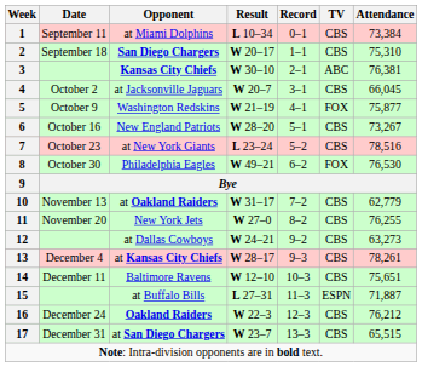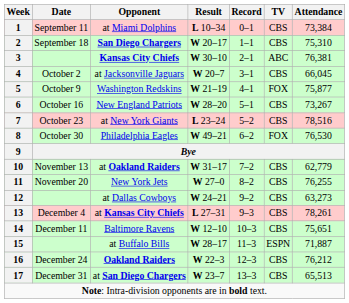 <table class="wikitable" style="text-align:center;">
 <tr>
 <th>Week</th>
 <th>Date</th>
 <th>Opponent</th>
 <th>Result</th>
 <th>Record</th>
 <th>TV</th>
 <th>Attendance</th>
 </tr>
 <tr style="background:#fcc">
 <th>1</th>
 <td>September 11</td>
 <td>at <a href='#'>Miami Dolphins</a></td>
 <td><strong>L</strong> 10–34</td>
 <td>0–1</td>
 <td>CBS</td>
 <td>73,384</td>
 </tr>
 <tr style="background:#cfc">
 <th>2</th>
 <td>September 18</td>
 <td><strong><a href='#'>San Diego Chargers</a></strong></td>
 <td><strong>W</strong> 20–17</td>
 <td>1–1</td>
 <td>CBS</td>
 <td>75,310</td>
 </tr>
 <tr style="background:#cfc">
 <th>3</th>
 <td></td>
 <td><strong><a href='#'>Kansas City Chiefs</a></strong></td>
 <td><strong>W</strong> 30–10</td>
 <td>2–1</td>
 <td>ABC</td>
 <td>76,381</td>
 </tr>
 <tr style="background:#cfc">
 <th>4</th>
 <td>October 2</td>
 <td>at <a href='#'>Jacksonville Jaguars</a></td>
 <td><strong>W</strong> 20–7</td>
 <td>3–1</td>
 <td>CBS</td>
 <td>66,045</td>
 </tr>
 <tr style="background:#cfc">
 <th>5</th>
 <td>October 9</td>
 <td><a href='#'>Washington Redskins</a></td>
 <td><strong>W</strong> 21–19</td>
 <td>4–1</td>
 <td>FOX</td>
 <td>75,877</td>
 </tr>
 <tr style="background:#cfc">
 <th>6</th>
 <td>October 16</td>
 <td><a href='#'>New England Patriots</a></td>
 <td><strong>W</strong> 28–20</td>
 <td>5–1</td>
 <td>CBS</td>
 <td>73,267</td>
 </tr>
 <tr style="background:#fcc">
 <th>7</th>
 <td>October 23</td>
 <td>at <a href='#'>New York Giants</a></td>
 <td><strong>L</strong> 23–24</td>
 <td>5–2</td>
 <td>CBS</td>
 <td>78,516</td>
 </tr>
 <tr style="background:#cfc">
 <th>8</th>
 <td>October 30</td>
 <td><a href='#'>Philadelphia Eagles</a></td>
 <td><strong>W</strong> 49–21</td>
 <td>6–2</td>
 <td>FOX</td>
 <td>76,530</td>
 </tr>
 <tr>
 <th>9</th>
 <th colspan=6 align="center"><em>Bye</em></th>
 </tr>
 <tr style="background:#cfc">
 <th>10</th>
 <td>November 13</td>
 <td>at <strong><a href='#'>Oakland Raiders</a></strong></td>
 <td><strong>W</strong> 31–17</td>
 <td>7–2</td>
 <td>CBS</td>
 <td>62,779</td>
 </tr>
 <tr style="background:#cfc">
 <th>11</th>
 <td>November 20</td>
 <td><a href='#'>New York Jets</a></td>
 <td><strong>W</strong> 27–0</td>
 <td>8–2</td>
 <td>CBS</td>
 <td>76,255</td>
 </tr>
 <tr style="background:#cfc">
 <th>12</th>
 <td></td>
 <td>at <a href='#'>Dallas Cowboys</a></td>
 <td><strong>W</strong> 24–21</td>
 <td>9–2</td>
 <td>CBS</td>
 <td>63,273</td>
 </tr>
 <tr style="background:#fcc">
 <th>13</th>
 <td>December 4</td>
 <td>at <strong><a href='#'>Kansas City Chiefs</a></strong></td>
-<td><strong>W</strong> 28–17</td>
+<td><strong>L</strong> 27–31</td>
 <td>9–3</td>
 <td>CBS</td>
 <td>78,261</td>
 </tr>
 <tr style="background:#cfc">
 <th>14</th>
 <td>December 11</td>
 <td><a href='#'>Baltimore Ravens</a></td>
 <td><strong>W</strong> 12–10</td>
 <td>10–3</td>
 <td>CBS</td>
 <td>75,651</td>
 </tr>
 <tr style="background:#cfc">
 <th>15</th>
 <td></td>
 <td>at <a href='#'>Buffalo Bills</a></td>
-<td><strong>L</strong> 27–31</td>
+<td><strong>W</strong> 28–17</td>
 <td>11–3</td>
 <td>ESPN</td>
 <td>71,887</td>
 </tr>
 <tr style="background:#cfc">
 <th>16</th>
 <td>December 24</td>
 <td><strong><a href='#'>Oakland Raiders</a></strong></td>
 <td><strong>W</strong> 22–3</td>
 <td>12–3</td>
 <td>CBS</td>
 <td>76,212</td>
 </tr>
 <tr style="background:#cfc">
 <th>17</th>
 <td>December 31</td>
 <td>at <strong><a href='#'>San Diego Chargers</a></strong></td>
 <td><strong>W</strong> 23–7</td>
 <td>13–3</td>
 <td>CBS</td>
-<td>65,515</td>
+<td>65,513</td>
 </tr>
 <tr>
 <td colspan="7"><strong>Note</strong>: Intra-division opponents are in <strong>bold</strong> text.</td>
 </tr>
 </table>
